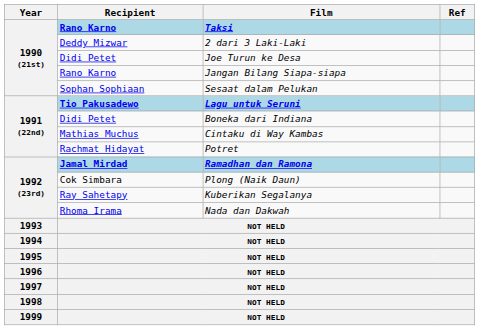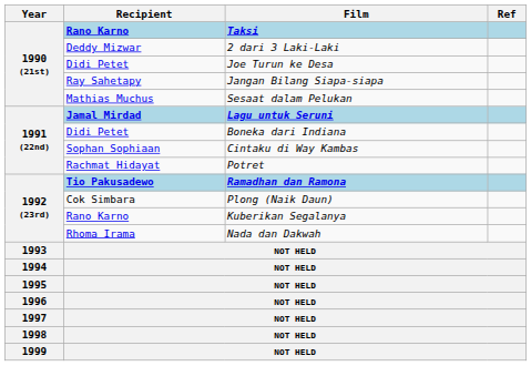 <table class="wikitable plainrowheaders sortable" style="width: 74%;">
 <tr>
 <th scope="col">Year</th>
 <th scope="col">Recipient</th>
 <th scope="col">Film</th>
 <th scope="col" class="unsortable">Ref</th>
 </tr>
 <tr>
 <th scope="row" rowspan="5" style="text-align:center;"><strong>1990</strong><br><small>(21st)</small></th>
 <td scope="row" style="background:lightblue;"><strong><a href='#'>Rano Karno</a></strong></td>
 <td style="background:lightblue;"><em><a href='#'><strong>Taksi</strong></a></em></td>
 <td style="background:lightblue;"></td>
 </tr>
 <tr>
 <td scope="row"><a href='#'>Deddy Mizwar</a></td>
 <td><em>2 dari 3 Laki-Laki</em></td>
 <td></td>
 </tr>
 <tr>
 <td scope="row"><a href='#'>Didi Petet</a></td>
 <td><em>Joe Turun ke Desa</em></td>
 <td></td>
 </tr>
 <tr>
-<td scope="row"><a href='#'>Rano Karno</a></td>
+<td scope="row"><a href='#'>Ray Sahetapy</a></td>
 <td><em>Jangan Bilang Siapa-siapa</em></td>
 <td></td>
 </tr>
 <tr>
-<td scope="row"><a href='#'>Sophan Sophiaan</a></td>
+<td scope="row"><a href='#'>Mathias Muchus</a></td>
 <td><em>Sesaat dalam Pelukan</em></td>
 <td></td>
 </tr>
 <tr>
 <th scope="row" rowspan="4" style="text-align:center;"><strong>1991</strong><br><small>(22nd)</small></th>
-<td scope="row" style="background:lightblue;"><strong><a href='#'>Tio Pakusadewo</a></strong></td>
+<td scope="row" style="background:lightblue;"><strong><a href='#'>Jamal Mirdad</a></strong></td>
 <td style="background:lightblue;"><strong><em><a href='#'>Lagu untuk Seruni</a></em></strong></td>
 <td style="background:lightblue;"></td>
 </tr>
 <tr>
 <td scope="row"><a href='#'>Didi Petet</a></td>
 <td><em>Boneka dari Indiana</em></td>
 <td></td>
 </tr>
 <tr>
-<td scope="row"><a href='#'>Mathias Muchus</a></td>
+<td scope="row"><a href='#'>Sophan Sophiaan</a></td>
 <td><em>Cintaku di Way Kambas</em></td>
 <td></td>
 </tr>
 <tr>
 <td scope="row"><a href='#'>Rachmat Hidayat</a></td>
 <td><em>Potret</em></td>
 <td></td>
 </tr>
 <tr>
 <th scope="row" rowspan="4" style="text-align:center;"><strong>1992</strong><br><small>(23rd)</small></th>
-<td scope="row" style="background:lightblue;"><strong><a href='#'>Jamal Mirdad</a></strong></td>
+<td scope="row" style="background:lightblue;"><strong><a href='#'>Tio Pakusadewo</a></strong></td>
 <td style="background:lightblue;"><strong><em><a href='#'>Ramadhan dan Ramona</a></em></strong></td>
 <td style="background:lightblue;"></td>
 </tr>
 <tr>
 <td scope="row">Cok Simbara</td>
 <td><em>Plong (Naik Daun)</em></td>
 <td></td>
 </tr>
 <tr>
-<td scope="row"><a href='#'>Ray Sahetapy</a></td>
+<td scope="row"><a href='#'>Rano Karno</a></td>
 <td><em>Kuberikan Segalanya</em></td>
 <td></td>
 </tr>
 <tr>
 <td scope="row"><a href='#'>Rhoma Irama</a></td>
 <td><em>Nada dan Dakwah</em></td>
 <td></td>
 </tr>
 <tr>
 <th scope="row" style="text-align:center;">1993</th>
 <th colspan="3" scope="row"><small>NOT HELD</small></th>
 </tr>
 <tr>
 <th scope="row" style="text-align:center;">1994</th>
 <th colspan="3" scope="row"><small>NOT HELD</small></th>
 </tr>
 <tr>
 <th scope="row" style="text-align:center;">1995</th>
 <th colspan="3" scope="row"><small>NOT HELD</small></th>
 </tr>
 <tr>
 <th scope="row" style="text-align:center;">1996</th>
 <th colspan="3" scope="row"><small>NOT HELD</small></th>
 </tr>
 <tr>
 <th scope="row" style="text-align:center;">1997</th>
 <th colspan="3" scope="row"><small>NOT HELD</small></th>
 </tr>
 <tr>
 <th scope="row" style="text-align:center;">1998</th>
 <th colspan="3" scope="row"><small>NOT HELD</small></th>
 </tr>
 <tr>
 <th scope="row" style="text-align:center;">1999</th>
 <th colspan="3" scope="row"><small>NOT HELD</small></th>
 </tr>
 </table>
